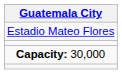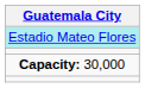 <table class="wikitable">
 <tr>
 <th><a href='#'>Guatemala City</a></th>
 </tr>
 <tr>
-<td align="center"><a href='#'>Estadio Mateo Flores</a></td>
+<td align="center" style="background: paleturquoise;"><a href='#'>Estadio Mateo Flores</a></td>
 </tr>
 <tr>
 <td align="center"></td>
 </tr>
 <tr>
 <td align="center"><strong>Capacity:</strong> 30,000</td>
 </tr>
 <tr>
 <td align="center"></td>
 </tr>
 </table>
